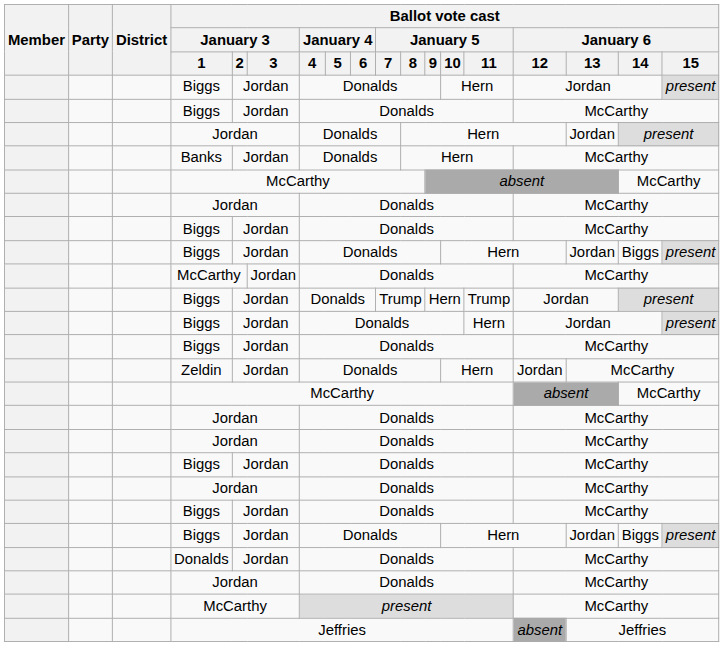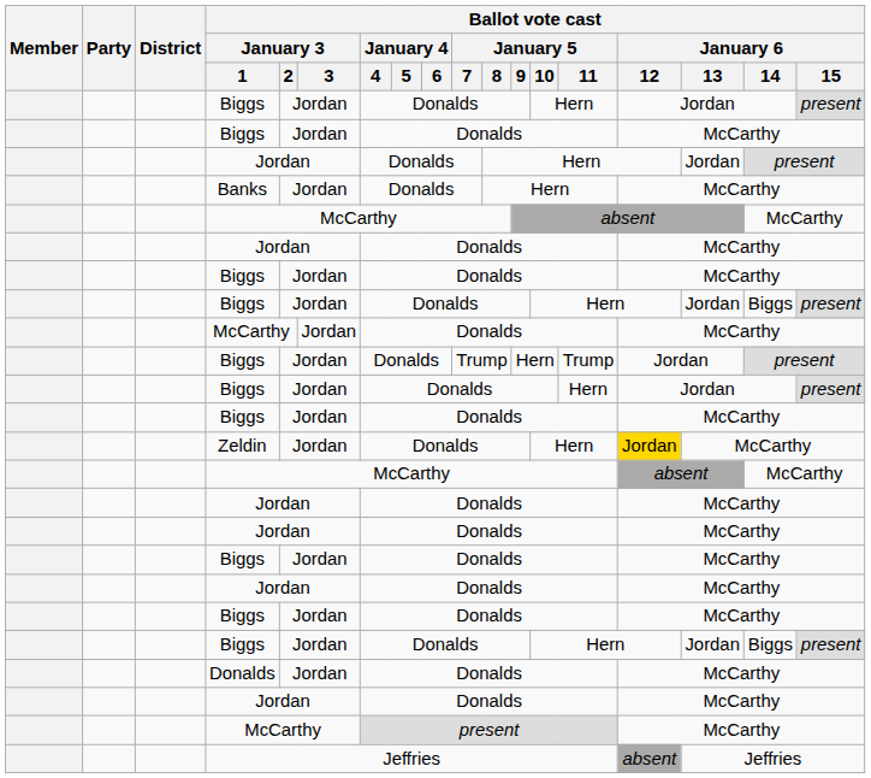 <table class="wikitable sortable plainrowheaders" style="text-align:center">
 <tr>
 <th scope="col" rowspan="3">Member</th>
 <th scope="col" rowspan="3">Party</th>
 <th scope="col" rowspan="3">District</th>
 <th colspan="15" scope="col">Ballot vote cast</th>
 </tr>
 <tr>
 <th scope="col" colspan="3">January 3</th>
 <th scope="col" colspan="3">January 4</th>
 <th scope="col" colspan="5">January 5</th>
 <th colspan="4" scope="col">January 6</th>
 </tr>
 <tr>
 <th scope="col">1</th>
 <th scope="col">2</th>
 <th scope="col">3</th>
 <th scope="col">4</th>
 <th scope="col">5</th>
 <th scope="col">6</th>
 <th scope="col">7</th>
 <th scope="col">8</th>
 <th scope="col">9</th>
 <th scope="col">10</th>
 <th scope="col">11</th>
 <th scope="col">12</th>
 <th scope="col">13</th>
 <th scope="col">14</th>
 <th scope="col">15</th>
 </tr>
 <tr>
 <th scope="row"></th>
 <td></td>
 <td></td>
 <td>Biggs</td>
 <td colspan="2">Jordan</td>
 <td colspan="6">Donalds</td>
 <td colspan="2">Hern</td>
 <td colspan="3">Jordan</td>
 <td colspan="1" style="background:#DDD" data-sort-value="absent"><em>present</em></td>
 </tr>
 <tr>
 <th scope="row"></th>
 <td></td>
 <td></td>
 <td>Biggs</td>
 <td colspan="2">Jordan</td>
 <td colspan="8">Donalds</td>
 <td colspan="4" >McCarthy</td>
 </tr>
 <tr>
 <th scope="row"></th>
 <td></td>
 <td></td>
 <td colspan="3">Jordan</td>
 <td colspan="4">Donalds</td>
 <td colspan="5">Hern</td>
 <td colspan="1">Jordan</td>
 <td colspan="2" style="background:#DDD" data-sort-value="absent"><em>present</em></td>
 </tr>
 <tr>
 <th scope="row"></th>
 <td></td>
 <td></td>
 <td>Banks</td>
 <td colspan="2">Jordan</td>
 <td colspan="4">Donalds</td>
 <td colspan="4">Hern</td>
 <td colspan="4" >McCarthy</td>
 </tr>
 <tr>
 <th scope="row"></th>
 <td></td>
 <td></td>
 <td colspan="8" >McCarthy</td>
 <td colspan="5" style="background:#AAA"><em>absent</em></td>
 <td colspan="2" >McCarthy</td>
 </tr>
 <tr>
 <th scope="row"></th>
 <td></td>
 <td></td>
 <td colspan="3">Jordan</td>
 <td colspan="8">Donalds</td>
 <td colspan="4" >McCarthy</td>
 </tr>
 <tr>
 <th scope="row"></th>
 <td></td>
 <td></td>
 <td>Biggs</td>
 <td colspan="2">Jordan</td>
 <td colspan="8">Donalds</td>
 <td colspan="4" >McCarthy</td>
 </tr>
 <tr>
 <th scope="row"></th>
 <td></td>
 <td></td>
 <td>Biggs</td>
 <td colspan="2">Jordan</td>
 <td colspan="6">Donalds</td>
 <td colspan="3">Hern</td>
 <td colspan="1">Jordan</td>
 <td colspan="1">Biggs</td>
 <td colspan="1" style="background:#DDD" data-sort-value="absent"><em>present</em></td>
 </tr>
 <tr>
 <th scope="row"></th>
 <td></td>
 <td></td>
 <td colspan="2" >McCarthy</td>
 <td>Jordan</td>
 <td colspan="8">Donalds</td>
 <td colspan="4" >McCarthy</td>
 </tr>
 <tr>
 <th scope="row"></th>
 <td></td>
 <td></td>
 <td>Biggs</td>
 <td colspan="2">Jordan</td>
 <td colspan="3">Donalds</td>
 <td colspan="2">Trump</td>
 <td colspan="2">Hern</td>
 <td colspan="1">Trump</td>
 <td colspan="2">Jordan</td>
 <td colspan="2" style="background:#DDD" data-sort-value="absent"><em>present</em></td>
 </tr>
 <tr>
 <th scope="row"></th>
 <td></td>
 <td></td>
 <td>Biggs</td>
 <td colspan="2">Jordan</td>
 <td colspan="7">Donalds</td>
 <td colspan="1">Hern</td>
 <td colspan="3">Jordan</td>
 <td colspan="1" style="background:#DDD" data-sort-value="absent"><em>present</em></td>
 </tr>
 <tr>
 <th scope="row"></th>
 <td></td>
 <td></td>
 <td>Biggs</td>
 <td colspan="2">Jordan</td>
 <td colspan="8">Donalds</td>
 <td colspan="4" >McCarthy</td>
 </tr>
 <tr>
 <th scope="row"></th>
 <td></td>
 <td></td>
 <td>Zeldin</td>
 <td colspan="2">Jordan</td>
 <td colspan="6">Donalds</td>
 <td colspan="2">Hern</td>
-<td colspan="1">Jordan</td>
+<td colspan="1" style="background: gold;">Jordan</td>
 <td colspan="3" >McCarthy</td>
 </tr>
 <tr>
 <th scope="row"></th>
 <td></td>
 <td></td>
 <td colspan="11" >McCarthy</td>
 <td colspan="2" style="background:#AAA"><em>absent</em></td>
 <td colspan="2" >McCarthy</td>
 </tr>
 <tr>
 <th scope="row"></th>
 <td></td>
 <td></td>
 <td colspan="3">Jordan</td>
 <td colspan="8">Donalds</td>
 <td colspan="4" >McCarthy</td>
 </tr>
 <tr>
 <th scope="row"></th>
 <td></td>
 <td></td>
 <td colspan="3">Jordan</td>
 <td colspan="8">Donalds</td>
 <td colspan="4" >McCarthy</td>
 </tr>
 <tr>
 <th scope="row"></th>
 <td></td>
 <td></td>
 <td>Biggs</td>
 <td colspan="2">Jordan</td>
 <td colspan="8">Donalds</td>
 <td colspan="4" >McCarthy</td>
 </tr>
 <tr>
 <th scope="row"></th>
 <td></td>
 <td></td>
 <td colspan="3">Jordan</td>
 <td colspan="8">Donalds</td>
 <td colspan="4" >McCarthy</td>
 </tr>
 <tr>
 <th scope="row"></th>
 <td></td>
 <td></td>
 <td>Biggs</td>
 <td colspan="2">Jordan</td>
 <td colspan="8">Donalds</td>
 <td colspan="4" >McCarthy</td>
 </tr>
 <tr>
 <th scope="row"></th>
 <td></td>
 <td></td>
 <td>Biggs</td>
 <td colspan="2">Jordan</td>
 <td colspan="6">Donalds</td>
 <td colspan="3">Hern</td>
 <td colspan="1">Jordan</td>
 <td colspan="1">Biggs</td>
 <td colspan="1" style="background:#DDD" data-sort-value="absent"><em>present</em></td>
 </tr>
 <tr>
 <th scope="row"></th>
 <td></td>
 <td></td>
 <td>Donalds</td>
 <td colspan="2">Jordan</td>
 <td colspan="8">Donalds</td>
 <td colspan="4" >McCarthy</td>
 </tr>
 <tr>
 <th scope="row"></th>
 <td></td>
 <td></td>
 <td colspan="3">Jordan</td>
 <td colspan="8">Donalds</td>
 <td colspan="4" >McCarthy</td>
 </tr>
 <tr>
 <th scope="row"></th>
 <td></td>
 <td></td>
 <td colspan="3" >McCarthy</td>
 <td colspan="8" style="background:#DDD" data-sort-value="absent"><em>present</em></td>
 <td colspan="4" >McCarthy</td>
 </tr>
 <tr>
 <th scope="row"></th>
 <td></td>
 <td></td>
 <td colspan="11" >Jeffries</td>
 <td style="background:#AAA"><em>absent</em></td>
 <td colspan="3" >Jeffries</td>
 </tr>
 </table>
